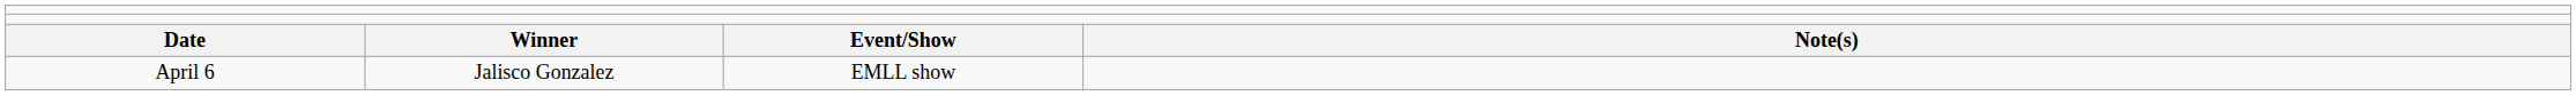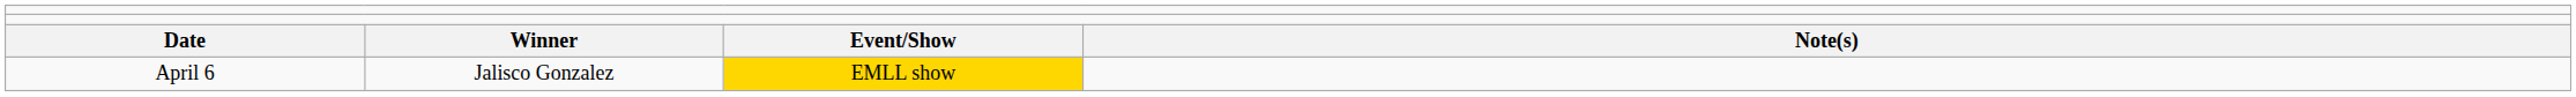 <table class="wikitable" style="text-align:center; width:100%;">
 <tr>
 <td colspan="5"></td>
 </tr>
 <tr>
 <td colspan="5"><strong></strong></td>
 </tr>
 <tr>
 <th width=14%>Date</th>
 <th width=14%>Winner</th>
 <th width=14%>Event/Show</th>
 <th width=58%>Note(s)</th>
 </tr>
 <tr>
 <td>April 6</td>
 <td>Jalisco Gonzalez</td>
-<td>EMLL show</td>
+<td style="background: gold;">EMLL show</td>
 <td align=left></td>
 </tr>
 </table>
